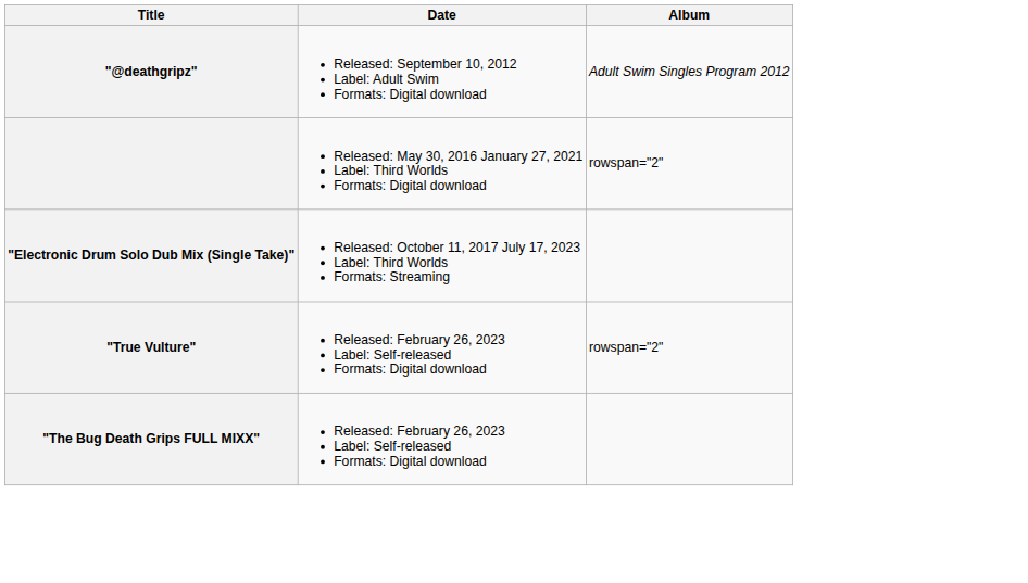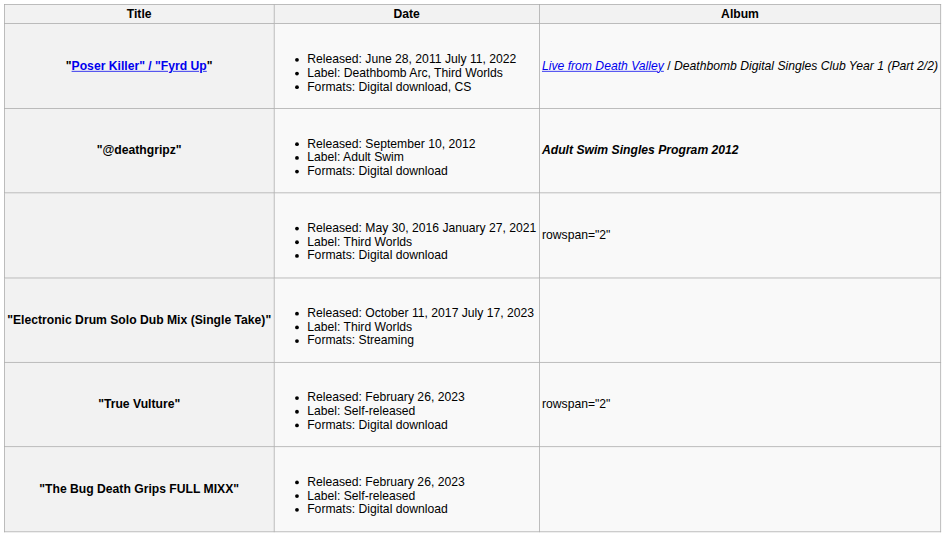 <table class="wikitable plainrowheaders" style="text-align:left;">
 <tr>
 <th scope="col">Title</th>
 <th scope="col">Date</th>
 <th scope="col">Album</th>
 </tr>
 <tr>
+<th scope="row">"<a href='#'>Poser Killer" / "Fyrd Up</a>"</th>
+<td><br><ul><li>Released: June 28, 2011  July 11, 2022 </li><li>Label: Deathbomb Arc, Third Worlds</li><li>Formats: Digital download, CS</li></ul></td>
+<td><em><a href='#'>Live from Death Valley</a></em> / <em> Deathbomb Digital Singles Club Year 1 (Part 2/2) </em></td>
+</tr>
+<tr>
 <th scope="row">"@deathgripz"</th>
 <td><br><ul><li>Released: September 10, 2012 </li><li>Label: Adult Swim</li><li>Formats: Digital download</li></ul></td>
-<td><em>Adult Swim Singles Program 2012</em></td>
+<td><strong><em>Adult Swim Singles Program 2012</em></strong></td>
 </tr>
 <tr>
 <th scope="row"></th>
 <td><br><ul><li>Released: May 30, 2016  January 27, 2021 </li><li>Label: Third Worlds</li><li>Formats: Digital download</li></ul></td>
 <td>rowspan="2" </td>
 </tr>
 <tr>
 <th scope="row">"Electronic Drum Solo Dub Mix (Single Take)"</th>
 <td><br><ul><li>Released: October 11, 2017  July 17, 2023 </li><li>Label: Third Worlds</li><li>Formats: Streaming</li></ul></td>
 </tr>
 <tr>
 <th scope="row">"True Vulture"</th>
 <td><br><ul><li>Released: February 26, 2023 </li><li>Label: Self-released</li><li>Formats: Digital download</li></ul></td>
 <td>rowspan="2" </td>
 </tr>
 <tr>
 <th scope="row">"The Bug Death Grips FULL MIXX" </th>
 <td><br><ul><li>Released: February 26, 2023 </li><li>Label: Self-released</li><li>Formats: Digital download</li></ul></td>
 </tr>
 </table>
